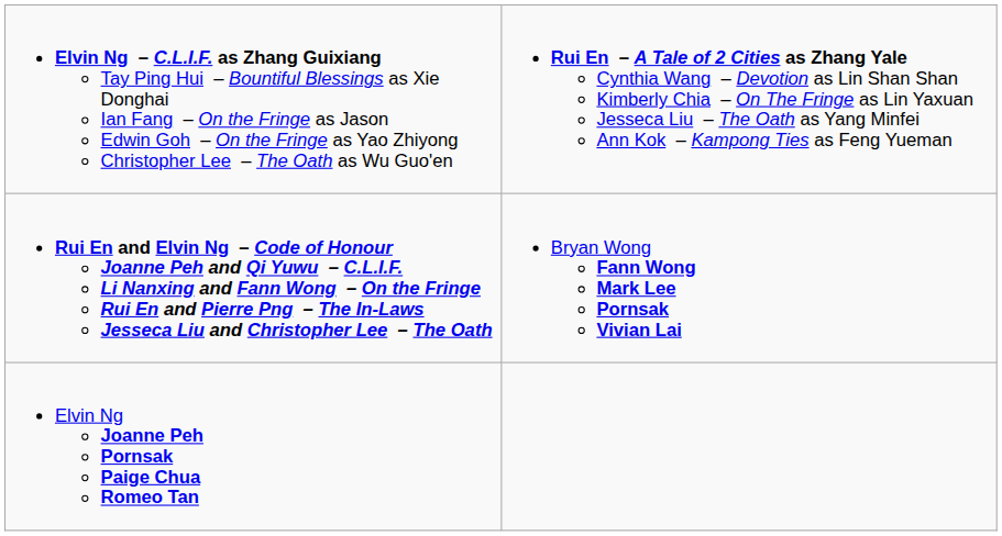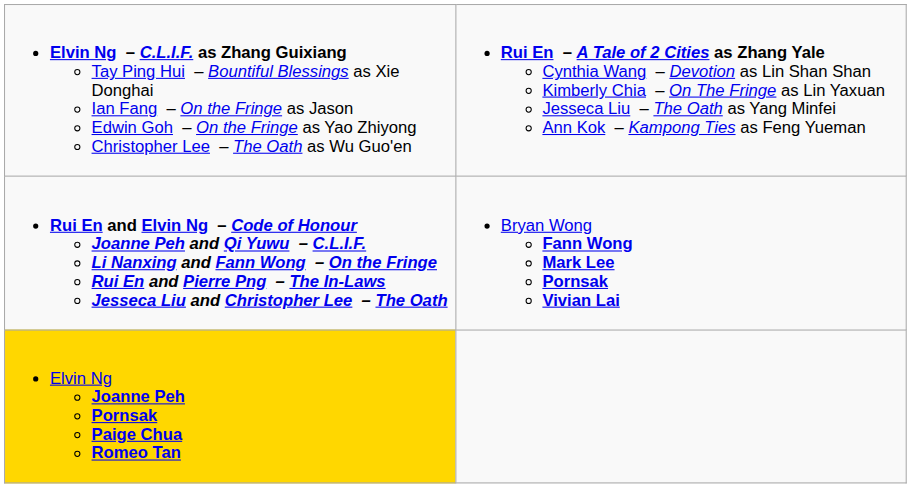 <table class=wikitable>
 <tr>
 <td valign="top" width="50%"><br><div></div><ul><li><strong><a href='#'>Elvin Ng</a>  – <em><a href='#'>C.L.I.F.</a></em> as Zhang Guixiang</strong><ul><li><a href='#'>Tay Ping Hui</a>  – <em><a href='#'>Bountiful Blessings</a></em> as Xie Donghai</li><li><a href='#'>Ian Fang</a>  – <em><a href='#'>On the Fringe</a></em> as Jason</li><li><a href='#'>Edwin Goh</a>  – <em><a href='#'>On the Fringe</a></em> as Yao Zhiyong</li><li><a href='#'>Christopher Lee</a>  – <em><a href='#'>The Oath</a></em> as Wu Guo'en</li></ul></li></ul></td>
 <td valign="top" width="50%"><br><div></div><ul><li><strong><a href='#'>Rui En</a>  – <em><a href='#'>A Tale of 2 Cities</a></em> as Zhang Yale</strong><ul><li><a href='#'>Cynthia Wang</a>  – <em><a href='#'>Devotion</a></em> as Lin Shan Shan</li><li><a href='#'>Kimberly Chia</a>  – <em><a href='#'>On The Fringe</a></em> as Lin Yaxuan</li><li><a href='#'>Jesseca Liu</a>  – <em><a href='#'>The Oath</a></em> as Yang Minfei</li><li><a href='#'>Ann Kok</a>  – <em><a href='#'>Kampong Ties</a></em> as Feng Yueman</li></ul></li></ul></td>
 </tr>
 <tr>
 <td valign="top" width="50%"><br><div></div><ul><li><strong><a href='#'>Rui En</a> and <a href='#'>Elvin Ng</a>  – <em><a href='#'>Code of Honour</a><strong><em><ul><li><a href='#'>Joanne Peh</a> and <a href='#'>Qi Yuwu</a>  – </em><a href='#'>C.L.I.F.</a><em></li><li><a href='#'>Li Nanxing</a> and <a href='#'>Fann Wong</a>  – </em><a href='#'>On the Fringe</a><em></li><li><a href='#'>Rui En</a> and <a href='#'>Pierre Png</a>  – </em><a href='#'>The In-Laws</a><em></li><li><a href='#'>Jesseca Liu</a> and <a href='#'>Christopher Lee</a>  – </em><a href='#'>The Oath</a><em></li></ul></li></ul></td>
 <td valign="top" width="50%"><br><div></div><ul><li></strong><a href='#'>Bryan Wong</a><strong><ul><li><a href='#'>Fann Wong</a></li><li><a href='#'>Mark Lee</a></li><li><a href='#'>Pornsak</a></li><li><a href='#'>Vivian Lai</a></li></ul></li></ul></td>
 </tr>
 <tr>
-<td valign="top" width="50%"><br><div></div><ul><li></strong><a href='#'>Elvin Ng</a><strong><ul><li><a href='#'>Joanne Peh</a></li><li><a href='#'>Pornsak</a></li><li><a href='#'>Paige Chua</a></li><li><a href='#'>Romeo Tan</a></li></ul></li></ul></td>
+<td valign="top" width="50%" style="background: gold;"><br><div></div><ul><li></strong><a href='#'>Elvin Ng</a><strong><ul><li><a href='#'>Joanne Peh</a></li><li><a href='#'>Pornsak</a></li><li><a href='#'>Paige Chua</a></li><li><a href='#'>Romeo Tan</a></li></ul></li></ul></td>
 </tr>
 </table>
